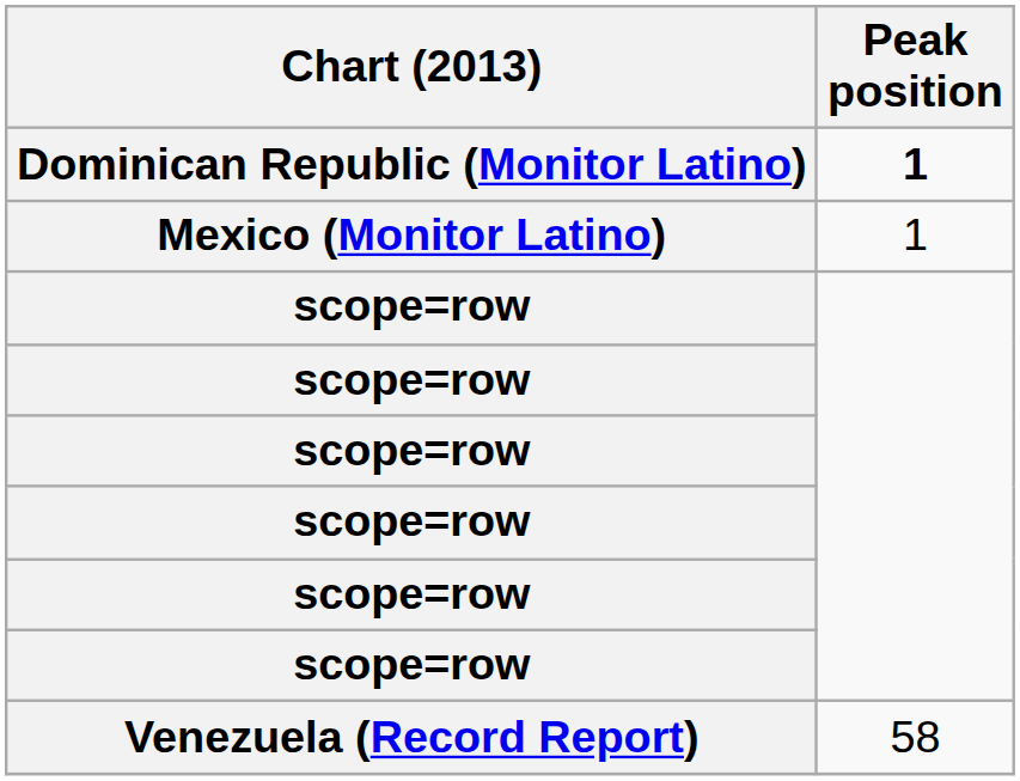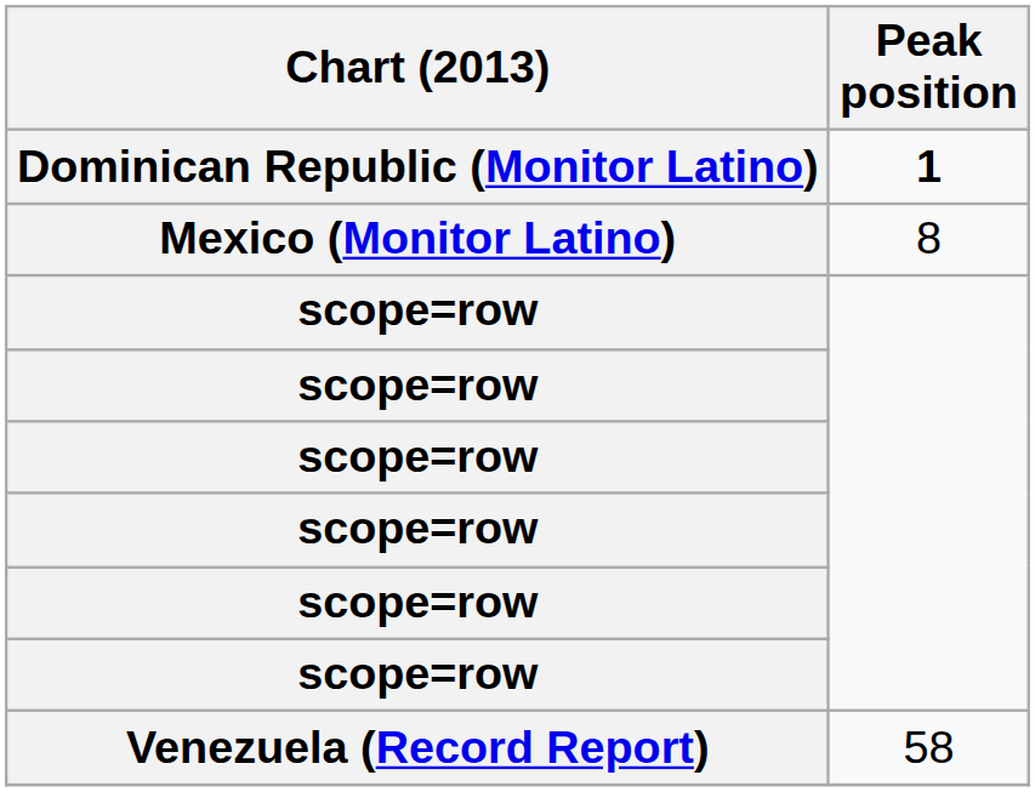 <table class="wikitable sortable plainrowheaders">
 <tr>
 <th>Chart (2013)</th>
 <th>Peak<br>position</th>
 </tr>
 <tr>
 <th scope=row>Dominican Republic (<a href='#'>Monitor Latino</a>)</th>
 <td style="text-align:center;"><strong>1</strong></td>
 </tr>
 <tr>
 <th scope=row>Mexico (<a href='#'>Monitor Latino</a>)</th>
-<td style="text-align:center;">1</td>
+<td style="text-align:center;">8</td>
 </tr>
 <tr>
 <th>scope=row</th>
 </tr>
 <tr>
 <th>scope=row</th>
 </tr>
 <tr>
 <th>scope=row</th>
 </tr>
 <tr>
 <th>scope=row</th>
 </tr>
 <tr>
 <th>scope=row</th>
 </tr>
 <tr>
 <th>scope=row</th>
 </tr>
 <tr>
 <th scope=row>Venezuela (<a href='#'>Record Report</a>)</th>
 <td style="text-align:center;">58</td>
 </tr>
 <tr>
 </tr>
 </table>
